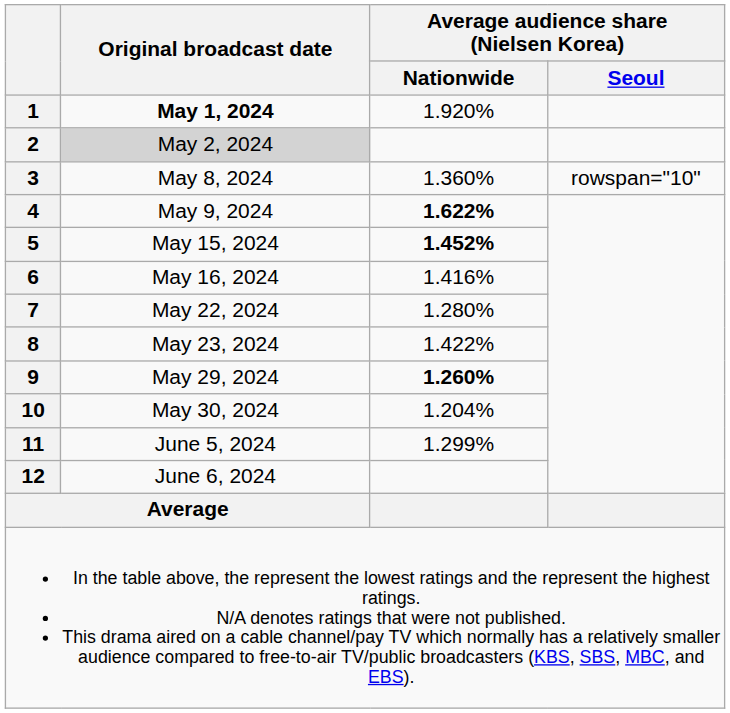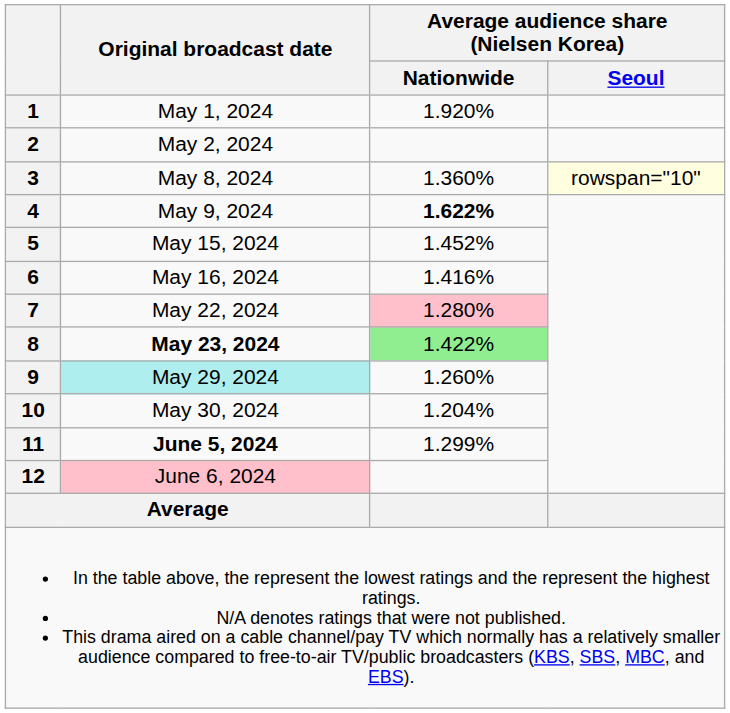 <table class="wikitable" style="margin-left:auto; margin-right:auto; width:550px; text-align:center">
 <tr>
 <th scope="col" rowspan="2"></th>
 <th scope="col" rowspan="2">Original broadcast date</th>
 <th scope="col" colspan="2">Average audience share<br>(Nielsen Korea)</th>
 </tr>
 <tr>
 <th scope="col" style="width:8em">Nationwide</th>
 <th scope="col" style="width:8em"><a href='#'>Seoul</a></th>
 </tr>
 <tr>
 <th scope="col">1</th>
-<td><strong>May 1, 2024</strong></td>
+<td>May 1, 2024</td>
 <td>1.920% </td>
 <td><strong></strong> </td>
 </tr>
 <tr>
 <th scope="col">2</th>
-<td style="background: lightgrey;">May 2, 2024</td>
+<td>May 2, 2024</td>
 <td><strong></strong> </td>
 <td><strong></strong> </td>
 </tr>
 <tr>
 <th scope="col">3</th>
 <td>May 8, 2024</td>
 <td>1.360% </td>
-<td>rowspan="10" </td>
+<td style="background: lightyellow;">rowspan="10" </td>
 </tr>
 <tr>
 <th scope="col">4</th>
 <td>May 9, 2024</td>
 <td><strong>1.622% </strong></td>
 </tr>
 <tr>
 <th scope="col">5</th>
 <td>May 15, 2024</td>
-<td><strong>1.452% </strong></td>
+<td>1.452% </td>
 </tr>
 <tr>
 <th scope="col">6</th>
 <td>May 16, 2024</td>
 <td>1.416% </td>
 </tr>
 <tr>
 <th scope="col">7</th>
 <td>May 22, 2024</td>
-<td>1.280% </td>
+<td style="background: pink;">1.280% </td>
 </tr>
 <tr>
 <th scope="col">8</th>
-<td>May 23, 2024</td>
-<td>1.422% </td>
+<td><strong>May 23, 2024</strong></td>
+<td style="background: lightgreen;">1.422% </td>
 </tr>
 <tr>
 <th scope="col">9</th>
-<td>May 29, 2024</td>
-<td><strong>1.260% </strong></td>
+<td style="background: paleturquoise;">May 29, 2024</td>
+<td>1.260% </td>
 </tr>
 <tr>
 <th scope="col">10</th>
 <td>May 30, 2024</td>
 <td>1.204% </td>
 </tr>
 <tr>
 <th scope="col">11</th>
-<td>June 5, 2024</td>
+<td><strong>June 5, 2024</strong></td>
 <td>1.299% </td>
 </tr>
 <tr>
 <th scope="col">12</th>
-<td>June 6, 2024</td>
+<td style="background: pink;">June 6, 2024</td>
 <td><strong></strong> </td>
 </tr>
 <tr>
 <th scope="col" colspan="2">Average</th>
 <th scope="col"></th>
 <th scope="col"></th>
 </tr>
 <tr>
 <td colspan="4" style="font-size:85%"><br><ul><li>In the table above, the <strong></strong> represent the lowest ratings and the <strong></strong> represent the highest ratings.</li><li>N/A denotes ratings that were not published.</li><li>This drama aired on a cable channel/pay TV which normally has a relatively smaller audience compared to free-to-air TV/public broadcasters (<a href='#'>KBS</a>, <a href='#'>SBS</a>, <a href='#'>MBC</a>, and <a href='#'>EBS</a>).</li></ul></td>
 </tr>
 </table>
